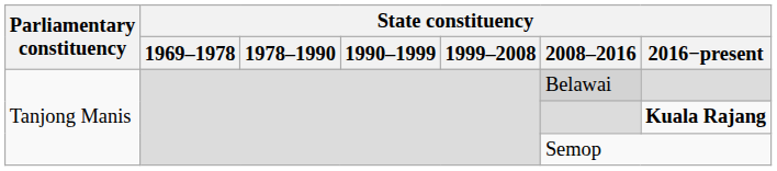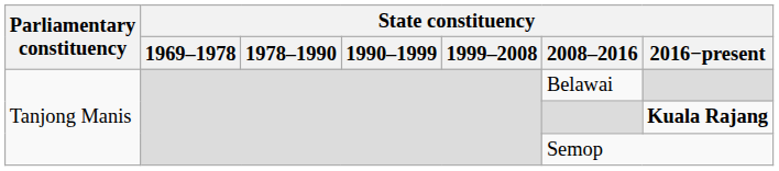 <table class="wikitable">
 <tr>
 <th rowspan="2">Parliamentary<br>constituency</th>
 <th colspan="6">State constituency</th>
 </tr>
 <tr>
 <th>1969–1978</th>
 <th>1978–1990</th>
 <th>1990–1999</th>
 <th>1999–2008</th>
 <th>2008–2016</th>
 <th>2016−present</th>
 </tr>
 <tr>
 <td rowspan="3">Tanjong Manis</td>
 <td colspan="4" rowspan="3" bgcolor="dcdcdc"></td>
-<td style="background: lightgrey;">Belawai</td>
+<td>Belawai</td>
 <td bgcolor="dcdcdc"></td>
 </tr>
 <tr>
 <td bgcolor="dcdcdc"></td>
 <td><strong>Kuala Rajang</strong></td>
 </tr>
 <tr>
 <td colspan="2">Semop</td>
 </tr>
 </table>
